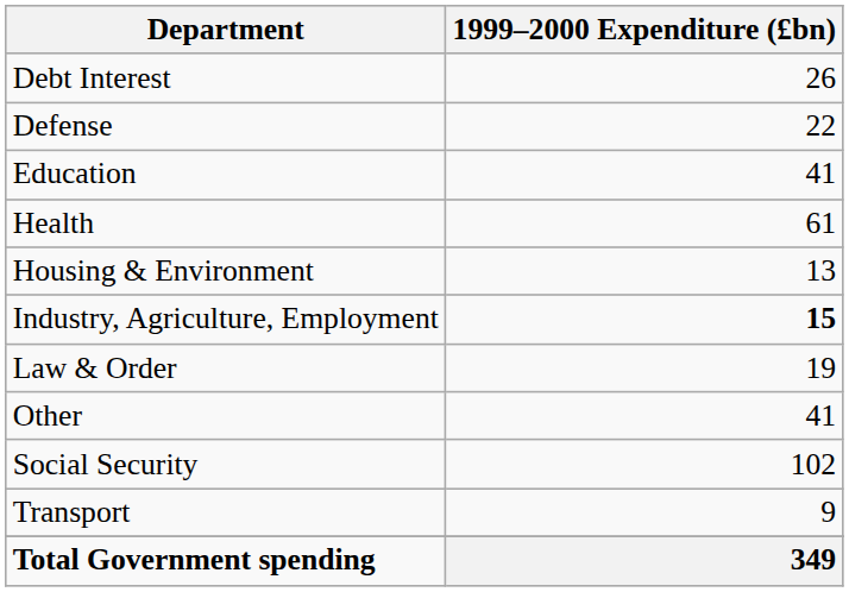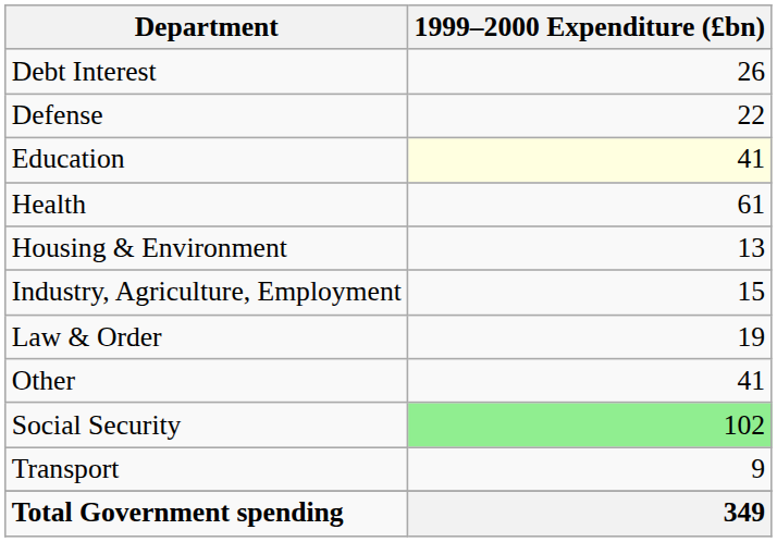 <table class="wikitable sortable">
 <tr>
 <th>Department</th>
 <th style="text-align: right">1999–2000 Expenditure (£bn)</th>
 </tr>
 <tr>
 <td>Debt Interest</td>
 <td style="text-align: right">26</td>
 </tr>
 <tr>
 <td>Defense</td>
 <td style="text-align: right">22</td>
 </tr>
 <tr>
 <td>Education</td>
-<td style="text-align: right">41</td>
+<td style="background: lightyellow; text-align: right">41</td>
 </tr>
 <tr>
 <td>Health</td>
 <td style="text-align: right">61</td>
 </tr>
 <tr>
 <td>Housing & Environment</td>
 <td style="text-align: right">13</td>
 </tr>
 <tr>
 <td>Industry, Agriculture,  Employment</td>
-<td style="text-align: right"><strong>15</strong></td>
+<td style="text-align: right">15</td>
 </tr>
 <tr>
 <td>Law & Order</td>
 <td style="text-align: right">19</td>
 </tr>
 <tr>
 <td>Other</td>
 <td style="text-align: right">41</td>
 </tr>
 <tr>
 <td>Social Security</td>
-<td style="text-align: right">102</td>
+<td style="background: lightgreen; text-align: right">102</td>
 </tr>
 <tr>
 <td>Transport</td>
 <td style="text-align: right">9</td>
 </tr>
 <tr>
 </tr>
 <tr class="sortbottom">
 <td style="text-align: left"><strong>Total Government spending</strong></td>
 <th style="text-align: right">349</th>
 </tr>
 </table>
